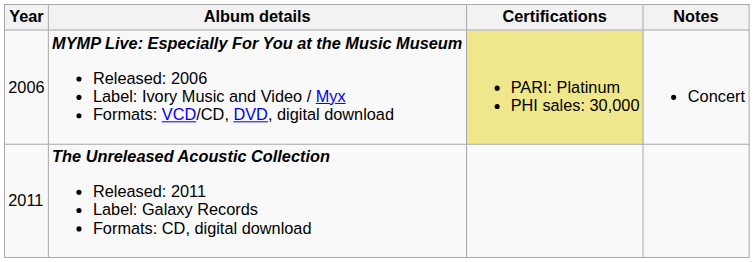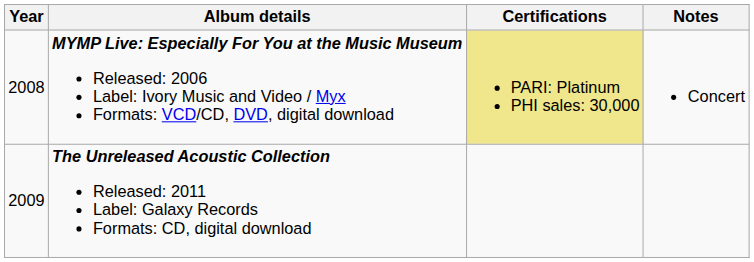 <table class="wikitable">
 <tr>
 <th>Year</th>
 <th>Album details</th>
 <th>Certifications</th>
 <th>Notes</th>
 </tr>
 <tr>
-<td>2006</td>
+<td>2008</td>
 <td><strong><em>MYMP Live: Especially For You at the Music Museum</em></strong><br><ul><li>Released: 2006</li><li>Label: Ivory Music and Video / <a href='#'>Myx</a></li><li>Formats: <a href='#'>VCD</a>/CD, <a href='#'>DVD</a>, digital download</li></ul></td>
 <td style="background: khaki;"><br><ul><li>PARI: Platinum</li><li>PHI sales: 30,000</li></ul></td>
 <td><br><ul><li>Concert</li></ul></td>
 </tr>
 <tr>
-<td>2011</td>
+<td>2009</td>
 <td><strong><em>The Unreleased Acoustic Collection</em></strong><br><ul><li>Released: 2011</li><li>Label: Galaxy Records</li><li>Formats: CD, digital download</li></ul></td>
 <td></td>
 <td></td>
 </tr>
 </table>
